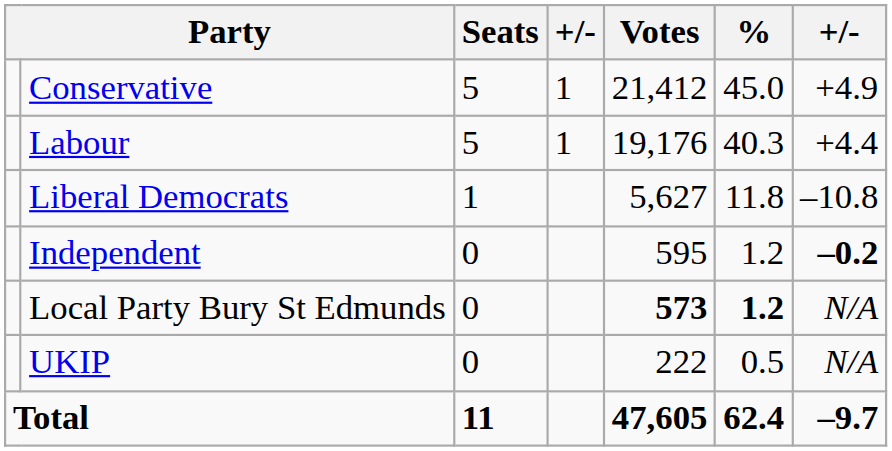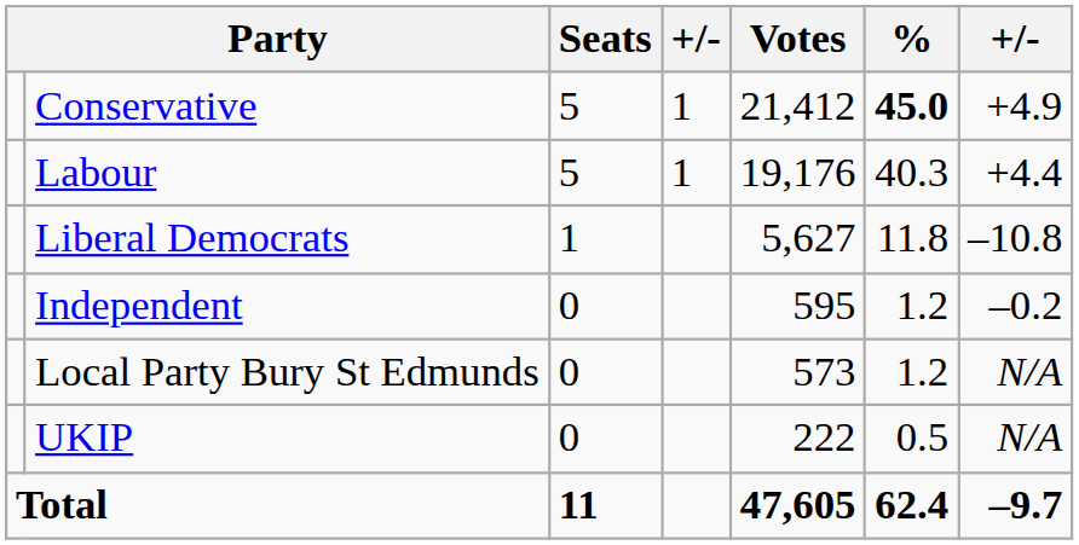 <table class="wikitable sortable">
 <tr>
 <th colspan="2">Party</th>
 <th>Seats</th>
 <th>+/-</th>
 <th>Votes</th>
 <th>%</th>
 <th>+/-</th>
 </tr>
 <tr>
 <td style="background-color: "></td>
 <td><a href='#'>Conservative</a></td>
 <td>5</td>
 <td> 1</td>
 <td style="text-align:right;">21,412</td>
-<td style="text-align:right;">45.0</td>
+<td style="text-align:right;"><strong>45.0</strong></td>
 <td style="text-align:right;">+4.9</td>
 </tr>
 <tr>
 <td style="background-color: "></td>
 <td><a href='#'>Labour</a></td>
 <td>5</td>
 <td> 1</td>
 <td style="text-align:right;">19,176</td>
 <td style="text-align:right;">40.3</td>
 <td style="text-align:right;">+4.4</td>
 </tr>
 <tr>
 <td style="background-color: "></td>
 <td><a href='#'>Liberal Democrats</a></td>
 <td>1</td>
 <td></td>
 <td style="text-align:right;">5,627</td>
 <td style="text-align:right;">11.8</td>
 <td style="text-align:right;">–10.8</td>
 </tr>
 <tr>
 <td style="background-color: "></td>
 <td><a href='#'>Independent</a></td>
 <td>0</td>
 <td></td>
 <td style="text-align:right;">595</td>
 <td style="text-align:right;">1.2</td>
-<td style="text-align:right;"><strong>–0.2</strong></td>
+<td style="text-align:right;">–0.2</td>
 </tr>
 <tr>
 <td style="background-color: "></td>
 <td>Local Party Bury St Edmunds</td>
 <td>0</td>
 <td></td>
-<td style="text-align:right;"><strong>573</strong></td>
-<td style="text-align:right;"><strong>1.2</strong></td>
+<td style="text-align:right;">573</td>
+<td style="text-align:right;">1.2</td>
 <td style="text-align:right;"><em>N/A</em></td>
 </tr>
 <tr>
 <td style="background-color: "></td>
 <td><a href='#'>UKIP</a></td>
 <td>0</td>
 <td></td>
 <td style="text-align:right;">222</td>
 <td style="text-align:right;">0.5</td>
 <td style="text-align:right;"><em>N/A</em></td>
 </tr>
 <tr>
 <td colspan="2"><strong>Total</strong></td>
 <td><strong>11</strong></td>
 <td></td>
 <td style="text-align:right;"><strong>47,605</strong></td>
 <td style="text-align:right;"><strong>62.4</strong></td>
 <td style="text-align:right;"><strong>–9.7</strong></td>
 </tr>
 </table>
